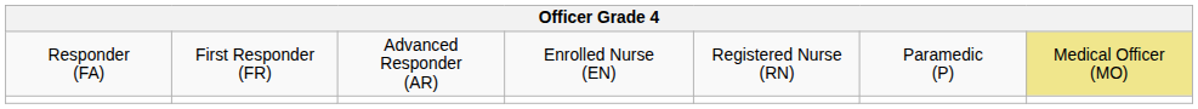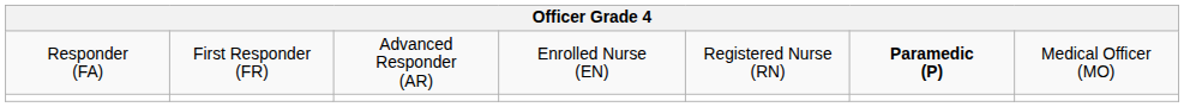 <table class="wikitable"  style="margin:0.5em auto; width:90%;">
 <tr>
 <th colspan=7>Officer Grade 4</th>
 </tr>
 <tr align=center>
 <td width="14%">Responder<br>(FA)</td>
 <td width="14%">First Responder<br>(FR)</td>
 <td width="14%">Advanced Responder<br>(AR)</td>
 <td width="16%">Enrolled Nurse<br>(EN)</td>
 <td width="14%">Registered Nurse<br>(RN)</td>
-<td width="14%">Paramedic<br>(P)</td>
-<td width="14%" style="background: khaki;">Medical Officer<br>(MO)</td>
+<td width="14%"><strong>Paramedic<br>(P)</strong></td>
+<td width="14%">Medical Officer<br>(MO)</td>
 </tr>
 <tr style="text-align:center; background: white;">
 <td></td>
 <td></td>
 <td></td>
 <td></td>
 <td></td>
 <td></td>
 <td></td>
 </tr>
 </table>
